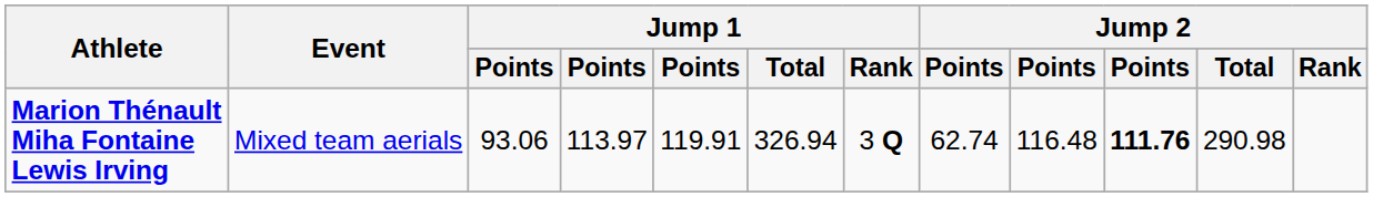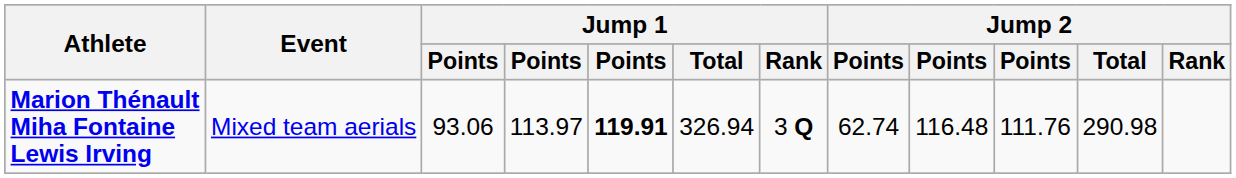 <table class=wikitable style=font-size:90%;text-align:center>
 <tr>
 <th rowspan=2>Athlete</th>
 <th rowspan=2>Event</th>
 <th colspan=5>Jump 1</th>
 <th colspan=5>Jump 2</th>
 </tr>
 <tr style=font-size:95%>
 <th>Points</th>
 <th>Points</th>
 <th>Points</th>
 <th>Total</th>
 <th>Rank</th>
 <th>Points</th>
 <th>Points</th>
 <th>Points</th>
 <th>Total</th>
 <th>Rank</th>
 </tr>
 <tr>
 <td align=left><strong><a href='#'>Marion Thénault</a><br><a href='#'>Miha Fontaine</a><br><a href='#'>Lewis Irving</a></strong></td>
 <td align=left><a href='#'>Mixed team aerials</a></td>
 <td>93.06</td>
 <td>113.97</td>
-<td>119.91</td>
+<td><strong>119.91</strong></td>
 <td>326.94</td>
 <td>3 <strong>Q</strong></td>
 <td>62.74</td>
 <td>116.48</td>
-<td><strong>111.76</strong></td>
+<td>111.76</td>
 <td>290.98</td>
 <td></td>
 </tr>
 </table>
